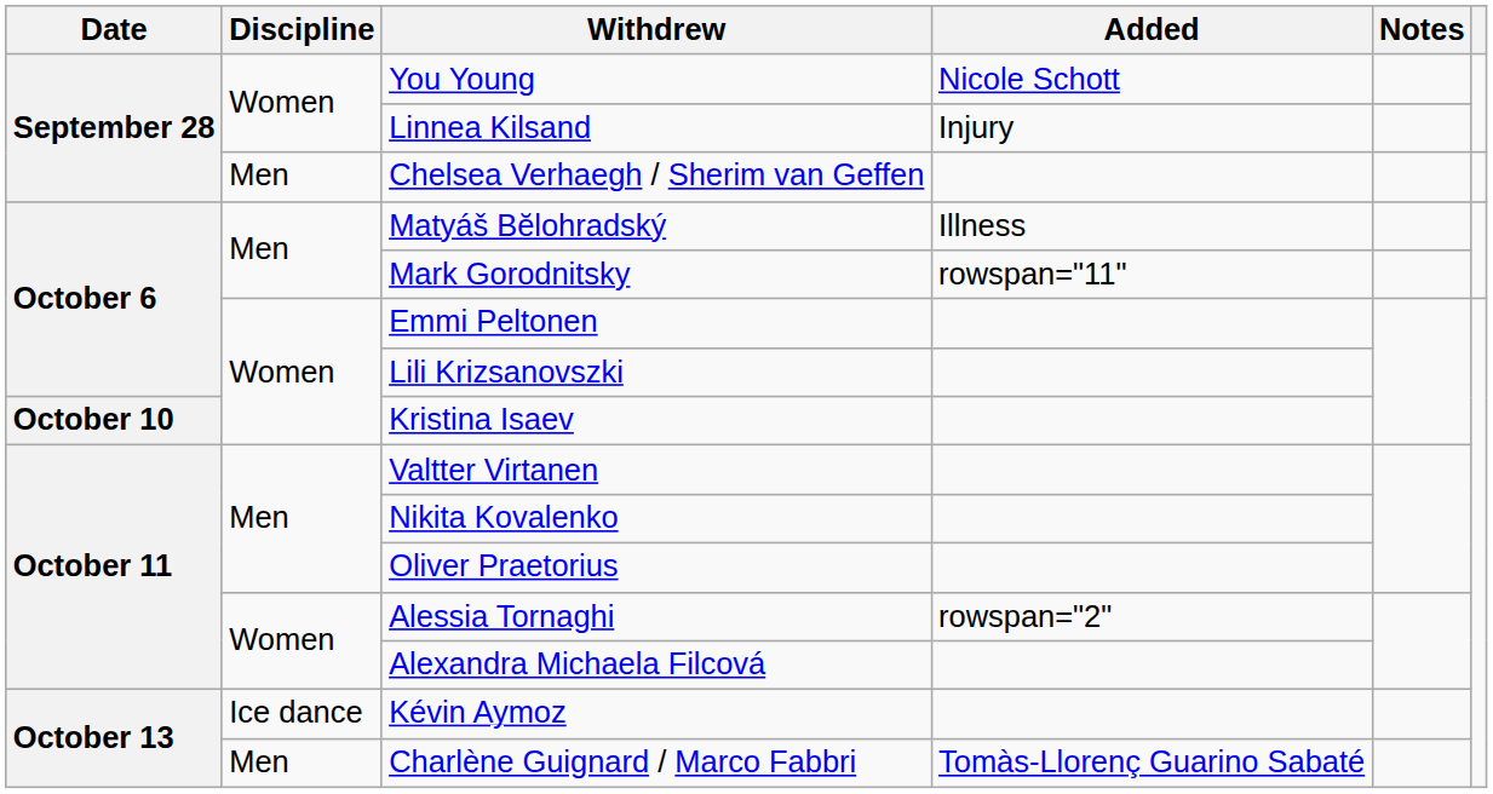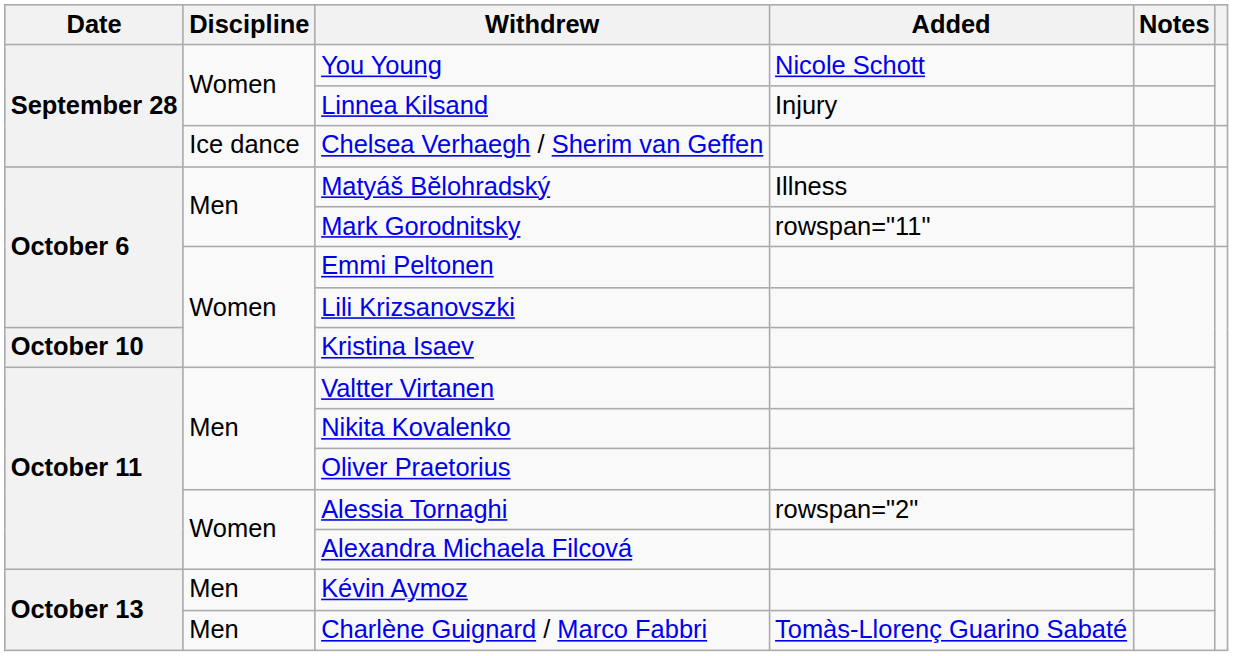 <table class="wikitable unsortable" style="text-align:left;">
 <tr>
 <th scope="col">Date</th>
 <th scope="col">Discipline</th>
 <th scope="col">Withdrew</th>
 <th scope="col">Added</th>
 <th scope="col">Notes</th>
 <th scope="col"></th>
 </tr>
 <tr>
 <th scope="row" style="text-align:left" rowspan="3">September 28</th>
 <td rowspan="2">Women</td>
 <td> <a href='#'>You Young</a></td>
 <td> <a href='#'>Nicole Schott</a></td>
 <td></td>
 <td rowspan="2"></td>
 </tr>
 <tr>
 <td> <a href='#'>Linnea Kilsand</a></td>
 <td>Injury</td>
 <td></td>
 </tr>
 <tr>
-<td>Men</td>
+<td>Ice dance</td>
 <td> <a href='#'>Chelsea Verhaegh</a> / <a href='#'>Sherim van Geffen</a></td>
 <td></td>
 <td></td>
 </tr>
 <tr>
 <th scope="row" style="text-align:left" rowspan="4">October 6</th>
 <td rowspan="2">Men</td>
 <td> <a href='#'>Matyáš Bĕlohradský</a></td>
 <td>Illness</td>
 <td></td>
 <td rowspan="2"></td>
 </tr>
 <tr>
 <td> <a href='#'>Mark Gorodnitsky</a></td>
 <td>rowspan="11" </td>
 </tr>
 <tr>
 <td rowspan="3">Women</td>
 <td> <a href='#'>Emmi Peltonen</a></td>
 <td></td>
 <td rowspan="3"></td>
 </tr>
 <tr>
 <td> <a href='#'>Lili Krizsanovszki</a></td>
 <td></td>
 </tr>
 <tr>
 <th scope="row" style="text-align:left">October 10</th>
 <td> <a href='#'>Kristina Isaev</a></td>
 <td></td>
 </tr>
 <tr>
 <th scope="row" style="text-align:left" rowspan="5">October 11</th>
 <td rowspan="3">Men</td>
 <td> <a href='#'>Valtter Virtanen</a></td>
 <td></td>
 <td rowspan="3"></td>
 </tr>
 <tr>
 <td> <a href='#'>Nikita Kovalenko</a></td>
 <td></td>
 </tr>
 <tr>
 <td> <a href='#'>Oliver Praetorius</a></td>
 <td></td>
 </tr>
 <tr>
 <td rowspan="2">Women</td>
 <td> <a href='#'>Alessia Tornaghi</a></td>
 <td>rowspan="2" </td>
 <td rowspan="2"></td>
 </tr>
 <tr>
 <td> <a href='#'>Alexandra Michaela Filcová</a></td>
 <td></td>
 </tr>
 <tr>
 <th scope="row" style="text-align:left" rowspan="2">October 13</th>
-<td>Ice dance</td>
+<td>Men</td>
 <td> <a href='#'>Kévin Aymoz</a></td>
 <td></td>
 <td></td>
 </tr>
 <tr>
 <td>Men</td>
 <td> <a href='#'>Charlène Guignard</a> / <a href='#'>Marco Fabbri</a></td>
 <td> <a href='#'>Tomàs-Llorenç Guarino Sabaté</a></td>
 <td></td>
 </tr>
 </table>
